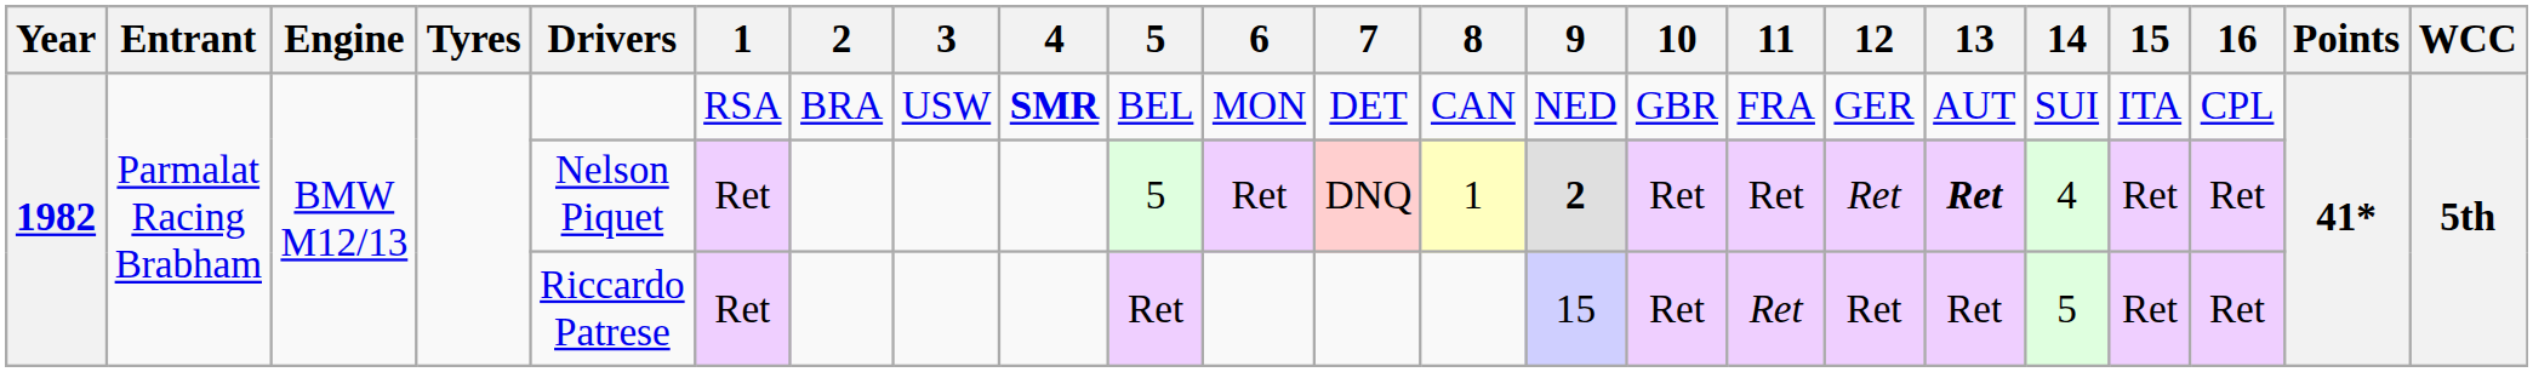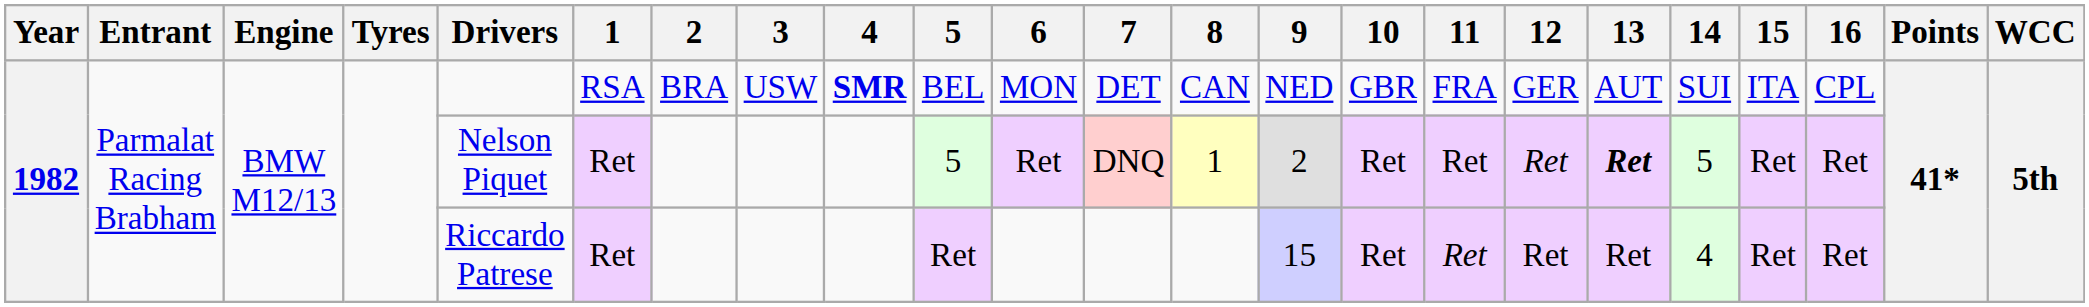 <table class="wikitable" style="text-align:center; font-size:90%">
 <tr>
 <th>Year</th>
 <th>Entrant</th>
 <th>Engine</th>
 <th>Tyres</th>
 <th>Drivers</th>
 <th>1</th>
 <th>2</th>
 <th>3</th>
 <th>4</th>
 <th>5</th>
 <th>6</th>
 <th>7</th>
 <th>8</th>
 <th>9</th>
 <th>10</th>
 <th>11</th>
 <th>12</th>
 <th>13</th>
 <th>14</th>
 <th>15</th>
 <th>16</th>
 <th>Points</th>
 <th>WCC</th>
 </tr>
 <tr>
 <th Rowspan="3"><a href='#'>1982</a></th>
 <td Rowspan="3"><a href='#'>Parmalat</a> <a href='#'>Racing Brabham</a></td>
 <td Rowspan="3"><a href='#'>BMW M12/13</a></td>
 <td Rowspan="3"></td>
 <td></td>
 <td><a href='#'>RSA</a></td>
 <td><a href='#'>BRA</a></td>
 <td><a href='#'>USW</a></td>
 <td><strong><a href='#'>SMR</a></strong></td>
 <td><a href='#'>BEL</a></td>
 <td><a href='#'>MON</a></td>
 <td><a href='#'>DET</a></td>
 <td><a href='#'>CAN</a></td>
 <td><a href='#'>NED</a></td>
 <td><a href='#'>GBR</a></td>
 <td><a href='#'>FRA</a></td>
 <td><a href='#'>GER</a></td>
 <td><a href='#'>AUT</a></td>
 <td><a href='#'>SUI</a></td>
 <td><a href='#'>ITA</a></td>
 <td><a href='#'>CPL</a></td>
 <th Rowspan="3">41*</th>
 <th Rowspan="3">5th</th>
 </tr>
 <tr>
 <td><a href='#'>Nelson Piquet</a></td>
 <td style="background:#EFCFFF;">Ret</td>
 <td></td>
 <td></td>
 <td></td>
 <td style="background:#DFFFDF;">5</td>
 <td style="background:#EFCFFF;">Ret</td>
 <td style="background:#FFCFCF;">DNQ</td>
 <td style="background:#FFFFBF;">1</td>
-<td style="background:#DFDFDF;"><strong>2</strong></td>
+<td style="background:#DFDFDF;">2</td>
 <td style="background:#EFCFFF;">Ret</td>
 <td style="background:#EFCFFF;">Ret</td>
 <td style="background:#EFCFFF;"><em>Ret</em></td>
 <td style="background:#EFCFFF;"><strong><em>Ret</em></strong></td>
-<td style="background:#DFFFDF;">4</td>
+<td style="background:#DFFFDF;">5</td>
 <td style="background:#EFCFFF;">Ret</td>
 <td style="background:#EFCFFF;">Ret</td>
 </tr>
 <tr>
 <td><a href='#'>Riccardo Patrese</a></td>
 <td style="background:#EFCFFF;">Ret</td>
 <td></td>
 <td></td>
 <td></td>
 <td style="background:#EFCFFF;">Ret</td>
 <td></td>
 <td></td>
 <td></td>
 <td style="background:#CFCFFF;">15</td>
 <td style="background:#EFCFFF;">Ret</td>
 <td style="background:#EFCFFF;"><em>Ret</em></td>
 <td style="background:#EFCFFF;">Ret</td>
 <td style="background:#EFCFFF;">Ret</td>
-<td style="background:#DFFFDF;">5</td>
+<td style="background:#DFFFDF;">4</td>
 <td style="background:#EFCFFF;">Ret</td>
 <td style="background:#EFCFFF;">Ret</td>
 </tr>
 </table>
